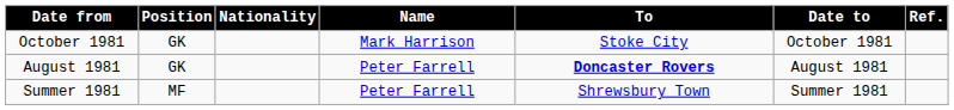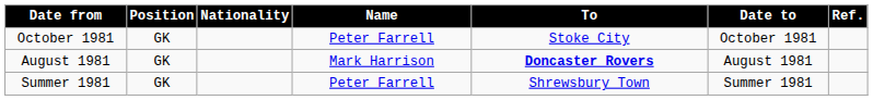 <table class="wikitable" style="text-align:center; font-size:90%; ">
 <tr>
 <th style="background:#000000; color:white; width:100px;">Date from</th>
 <th style="background:#000000; color:white; width:50px;">Position</th>
 <th style="background:#000000; color:white; width:50px;">Nationality</th>
 <th style="background:#000000; color:white; width:150px;">Name</th>
 <th style="background:#000000; color:white; width:200px;">To</th>
 <th style="background:#000000; color:white; width:100px;">Date to</th>
 <th style="background:#000000; color:white; width:25px;">Ref.</th>
 </tr>
 <tr>
 <td>October 1981</td>
 <td>GK</td>
 <td></td>
-<td><a href='#'>Mark Harrison</a></td>
+<td><a href='#'>Peter Farrell</a></td>
 <td><a href='#'>Stoke City</a></td>
 <td>October 1981</td>
 <td></td>
 </tr>
 <tr>
 <td>August 1981</td>
 <td>GK</td>
 <td></td>
-<td><a href='#'>Peter Farrell</a></td>
+<td><a href='#'>Mark Harrison</a></td>
 <td><strong><a href='#'>Doncaster Rovers</a></strong></td>
 <td>August 1981</td>
 <td></td>
 </tr>
 <tr>
 <td>Summer 1981</td>
-<td>MF</td>
+<td>GK</td>
 <td></td>
 <td><a href='#'>Peter Farrell</a></td>
 <td><a href='#'>Shrewsbury Town</a></td>
 <td>Summer 1981</td>
 <td></td>
 </tr>
 </table>
